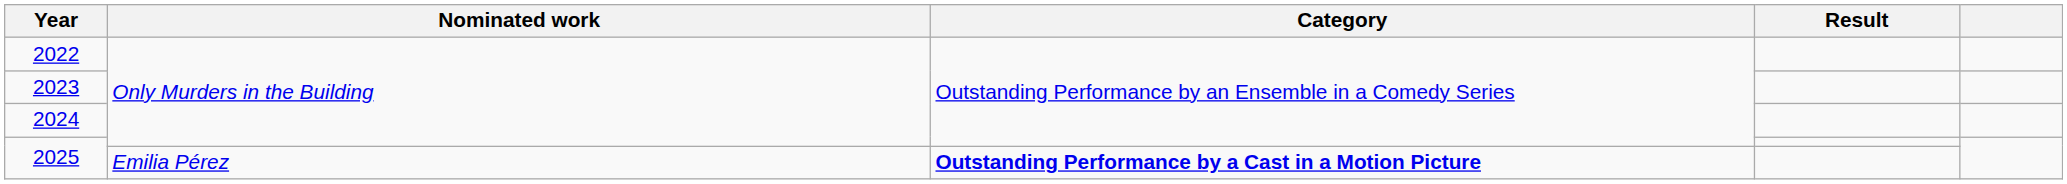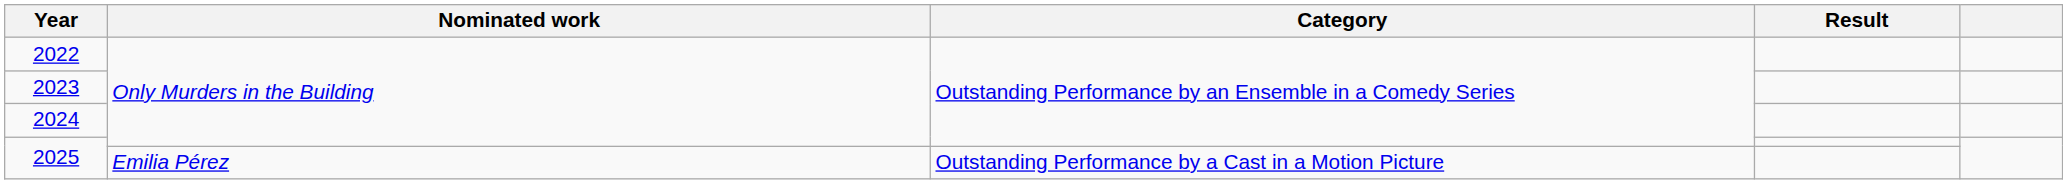 <table class="wikitable plainrowheaders" style="width:100%;">
 <tr>
 <th scope="col" style="width:5%;">Year</th>
 <th scope="col" style="width:40%;">Nominated work</th>
 <th scope="col" style="width:40%;">Category</th>
 <th scope="col" style="width:10%;">Result</th>
 <th scope="col" style="width:5%;"></th>
 </tr>
 <tr>
 <td style="text-align:center;"><a href='#'>2022</a></td>
 <td rowspan="4"><em><a href='#'>Only Murders in the Building</a></em></td>
 <td rowspan="4"><a href='#'>Outstanding Performance by an Ensemble in a Comedy Series</a></td>
 <td></td>
 <td style="text-align:center;"></td>
 </tr>
 <tr>
 <td style="text-align:center;"><a href='#'>2023</a></td>
 <td></td>
 <td style="text-align:center;"></td>
 </tr>
 <tr>
 <td style="text-align:center;"><a href='#'>2024</a></td>
 <td></td>
 <td style="text-align:center;"></td>
 </tr>
 <tr>
 <td style="text-align:center;" rowspan="2"><a href='#'>2025</a></td>
 <td></td>
 <td style="text-align:center;" rowspan="2"></td>
 </tr>
 <tr>
 <td><em><a href='#'>Emilia Pérez</a></em></td>
-<td><strong><a href='#'>Outstanding Performance by a Cast in a Motion Picture</a></strong></td>
+<td><a href='#'>Outstanding Performance by a Cast in a Motion Picture</a></td>
 <td></td>
 </tr>
 </table>
